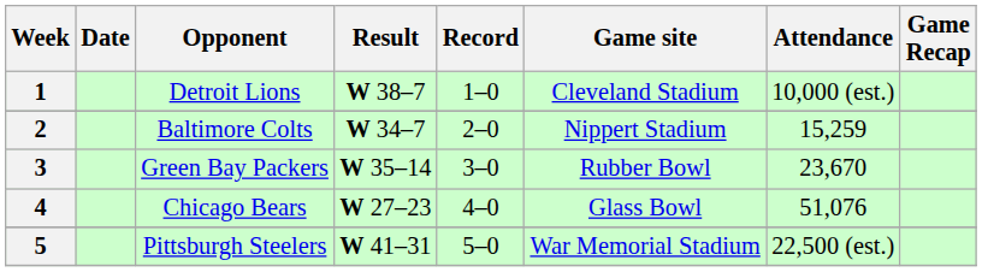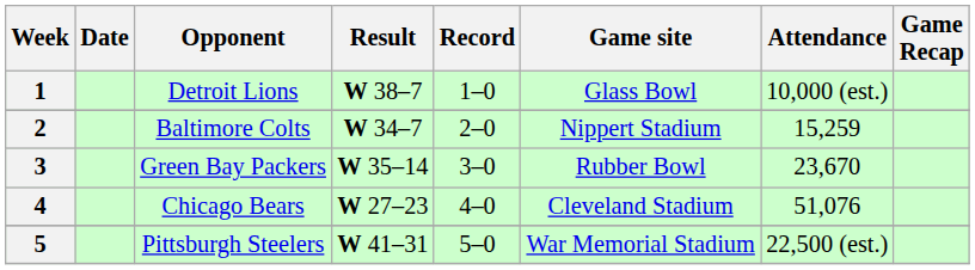 <table class="wikitable" style="align=center">
 <tr>
 <th>Week</th>
 <th>Date</th>
 <th>Opponent</th>
 <th>Result</th>
 <th>Record</th>
 <th>Game site</th>
 <th>Attendance</th>
 <th>Game<br>Recap</th>
 </tr>
 <tr style="background: #cfc;">
 <th>1</th>
 <td style="text-align:center;"></td>
 <td style="text-align:center;"><a href='#'>Detroit Lions</a></td>
 <td align="center" style="background-color: #cfc;"><strong>W</strong> 38–7</td>
 <td align="center" style="background-color: #cfc;">1–0</td>
-<td style="text-align:center;"><a href='#'>Cleveland Stadium</a></td>
+<td style="text-align:center;"><a href='#'>Glass Bowl</a></td>
 <td align="center">10,000 (est.)</td>
 <td style="text-align:center;"></td>
 </tr>
 <tr>
 </tr>
 <tr style="background: #cfc;">
 <th>2</th>
 <td style="text-align:center;"></td>
 <td style="text-align:center;"><a href='#'>Baltimore Colts</a></td>
 <td align="center" style="background-color: #cfc;"><strong>W</strong> 34–7</td>
 <td align="center" style="background-color: #cfc;">2–0</td>
 <td style="text-align:center;"><a href='#'>Nippert Stadium</a></td>
 <td align="center">15,259</td>
 <td style="text-align:center;"></td>
 </tr>
 <tr style="background: #cfc;">
 <th>3</th>
 <td style="text-align:center;"></td>
 <td style="text-align:center;"><a href='#'>Green Bay Packers</a></td>
 <td align="center" style="background-color: #cfc;"><strong>W</strong> 35–14</td>
 <td align="center" style="background-color: #cfc;">3–0</td>
 <td style="text-align:center;"><a href='#'>Rubber Bowl</a></td>
 <td align="center">23,670</td>
 <td style="text-align:center;"></td>
 </tr>
 <tr style="background: #cfc;">
 <th>4</th>
 <td style="text-align:center;"></td>
 <td style="text-align:center;"><a href='#'>Chicago Bears</a></td>
 <td align="center" style="background-color: #cfc;"><strong>W</strong> 27–23</td>
 <td align="center" style="background-color: #cfc">4–0</td>
-<td style="text-align:center;"><a href='#'>Glass Bowl</a></td>
+<td style="text-align:center;"><a href='#'>Cleveland Stadium</a></td>
 <td align="center">51,076</td>
 <td style="text-align:center;"></td>
 </tr>
 <tr>
 </tr>
 <tr style="background: #cfc;">
 <th>5</th>
 <td style="text-align:center;"></td>
 <td style="text-align:center;"><a href='#'>Pittsburgh Steelers</a></td>
 <td align="center" style="background-color: #cfc;"><strong>W</strong> 41–31</td>
 <td align="center" style="background-color: #cfc;">5–0</td>
 <td style="text-align:center;"><a href='#'>War Memorial Stadium</a></td>
 <td align="center">22,500 (est.)</td>
 <td style="text-align:center;"></td>
 </tr>
 <tr>
 </tr>
 </table>
